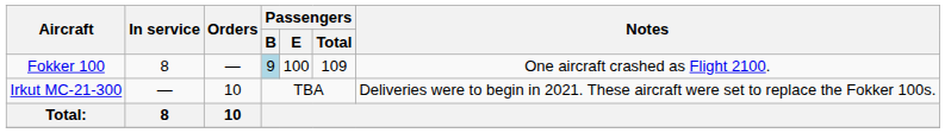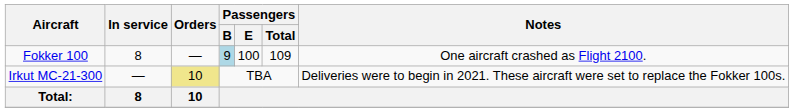 <table class="wikitable" style="margin:1em auto; border-collapse:collapse;text-align:center">
 <tr>
 <th rowspan="2">Aircraft</th>
 <th rowspan="2">In service</th>
 <th rowspan="2">Orders</th>
 <th colspan="3">Passengers</th>
 <th rowspan="2">Notes</th>
 </tr>
 <tr>
 <th><abbr>B</abbr></th>
 <th><abbr>E</abbr></th>
 <th>Total</th>
 </tr>
 <tr>
 <td><a href='#'>Fokker 100</a></td>
 <td>8</td>
 <td>—</td>
 <td style="background: lightblue;">9</td>
 <td>100</td>
 <td>109</td>
 <td>One aircraft crashed as <a href='#'>Flight 2100</a>.</td>
 </tr>
 <tr>
 <td><a href='#'>Irkut MC-21-300</a></td>
 <td>—</td>
-<td>10</td>
+<td style="background: khaki;">10</td>
 <td colspan="3"><abbr>TBA</abbr></td>
 <td>Deliveries were to begin in 2021. These aircraft were set to replace the Fokker 100s.</td>
 </tr>
 <tr>
 <th>Total:</th>
 <th>8</th>
 <th>10</th>
 <th colspan="4"></th>
 </tr>
 <tr>
 </tr>
 </table>
